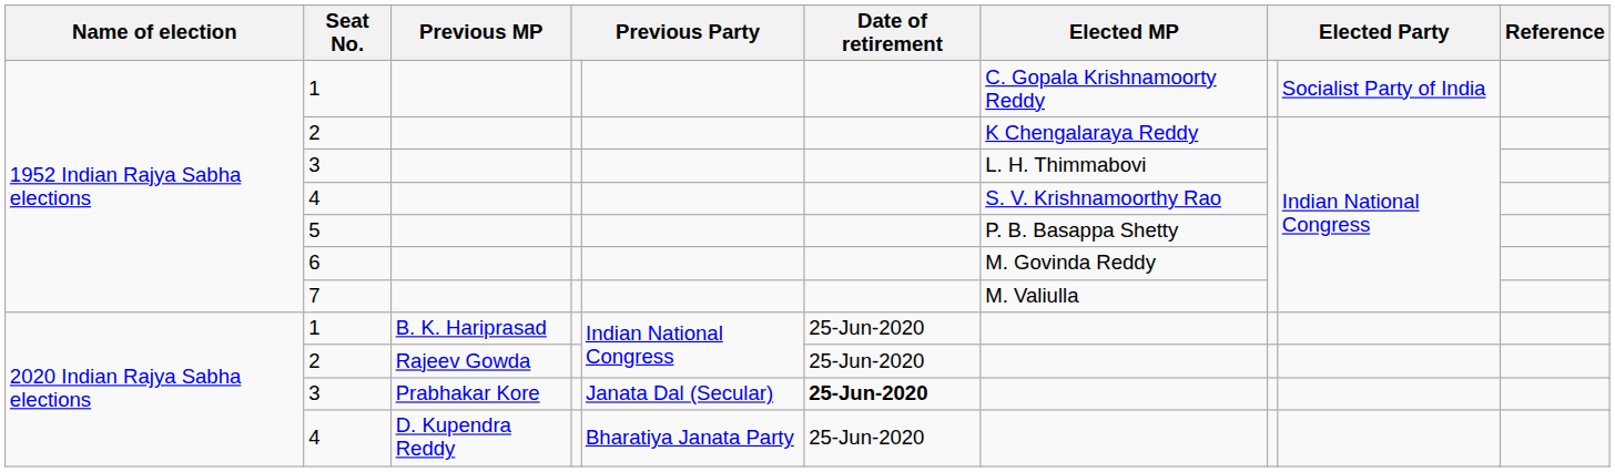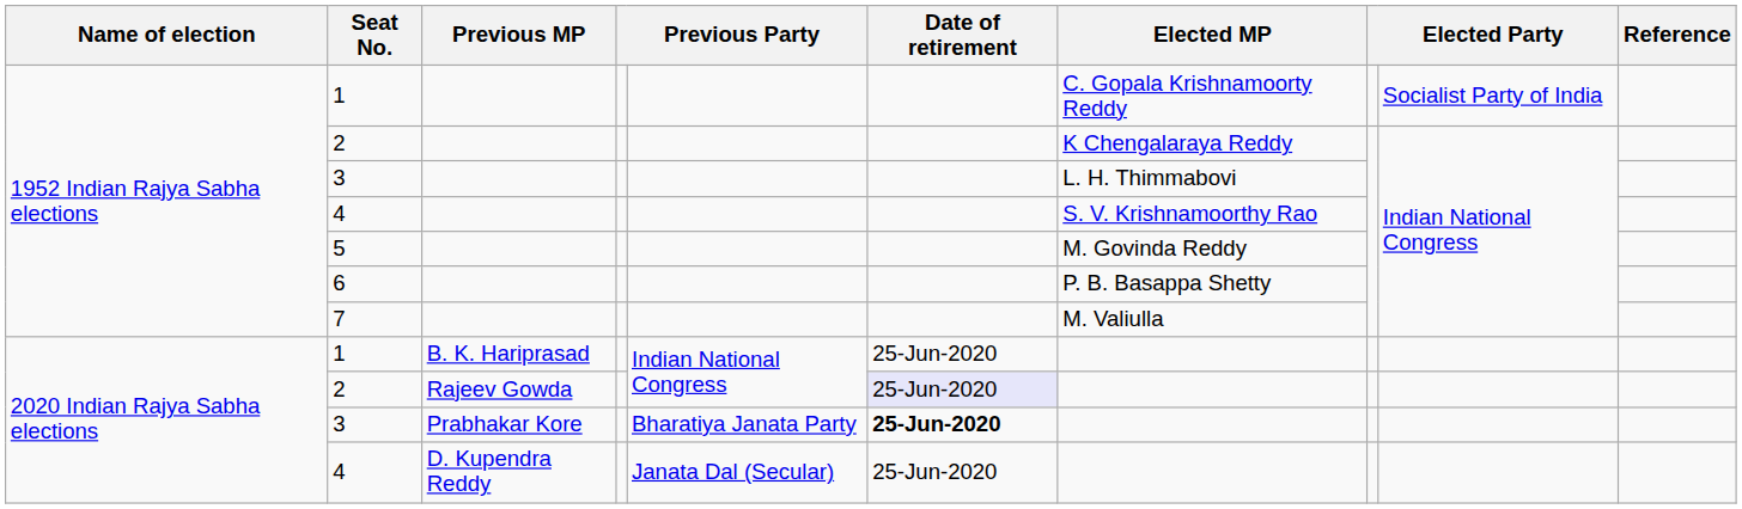 <table class="wikitable">
 <tr>
 <th>Name of election</th>
 <th>Seat No.</th>
 <th>Previous MP</th>
 <th colspan="2">Previous Party</th>
 <th>Date of retirement</th>
 <th>Elected MP</th>
 <th colspan="2">Elected Party</th>
 <th>Reference</th>
 </tr>
 <tr>
 <td rowspan="7"><a href='#'>1952 Indian Rajya Sabha elections</a></td>
 <td>1</td>
 <td></td>
 <td></td>
 <td></td>
 <td></td>
 <td><a href='#'>C. Gopala Krishnamoorty Reddy</a></td>
 <td bgcolor=""></td>
 <td><a href='#'>Socialist Party of India</a></td>
 <td></td>
 </tr>
 <tr>
 <td>2</td>
 <td></td>
 <td></td>
 <td></td>
 <td></td>
 <td><a href='#'>K Chengalaraya Reddy</a></td>
 <td rowspan="6"></td>
 <td rowspan="6"><a href='#'>Indian National Congress</a></td>
 <td></td>
 </tr>
 <tr>
 <td>3</td>
 <td></td>
 <td></td>
 <td></td>
 <td></td>
 <td>L. H. Thimmabovi</td>
 <td></td>
 </tr>
 <tr>
 <td>4</td>
 <td></td>
 <td></td>
 <td></td>
 <td></td>
 <td><a href='#'>S. V. Krishnamoorthy Rao</a></td>
 <td></td>
 </tr>
 <tr>
 <td>5</td>
 <td></td>
 <td></td>
 <td></td>
 <td></td>
-<td>P. B. Basappa Shetty</td>
+<td>M. Govinda Reddy</td>
 <td></td>
 </tr>
 <tr>
 <td>6</td>
 <td></td>
 <td></td>
 <td></td>
 <td></td>
-<td>M. Govinda Reddy</td>
+<td>P. B. Basappa Shetty</td>
 <td></td>
 </tr>
 <tr>
 <td>7</td>
 <td></td>
 <td></td>
 <td></td>
 <td></td>
 <td>M. Valiulla</td>
 <td></td>
 </tr>
 <tr>
 <td rowspan="4"><a href='#'>2020 Indian Rajya Sabha elections</a></td>
 <td>1</td>
 <td><a href='#'>B. K. Hariprasad</a></td>
 <td></td>
 <td rowspan="2"><a href='#'>Indian National Congress</a></td>
 <td>25-Jun-2020</td>
 <td></td>
 <td bgcolor=""></td>
 <td></td>
 <td></td>
 </tr>
 <tr>
 <td>2</td>
 <td><a href='#'>Rajeev Gowda</a></td>
 <td></td>
-<td>25-Jun-2020</td>
+<td style="background: lavender;">25-Jun-2020</td>
 <td></td>
 <td bgcolor=""></td>
 <td></td>
 <td></td>
 </tr>
 <tr>
 <td>3</td>
 <td><a href='#'>Prabhakar Kore</a></td>
 <td></td>
-<td><a href='#'>Janata Dal (Secular)</a></td>
+<td><a href='#'>Bharatiya Janata Party</a></td>
 <td><strong>25-Jun-2020</strong></td>
 <td></td>
 <td bgcolor=""></td>
 <td></td>
 <td></td>
 </tr>
 <tr>
 <td>4</td>
 <td><a href='#'>D. Kupendra Reddy</a></td>
 <td></td>
-<td><a href='#'>Bharatiya Janata Party</a></td>
+<td><a href='#'>Janata Dal (Secular)</a></td>
 <td>25-Jun-2020</td>
 <td></td>
 <td bgcolor=""></td>
 <td></td>
 <td></td>
 </tr>
 </table>
